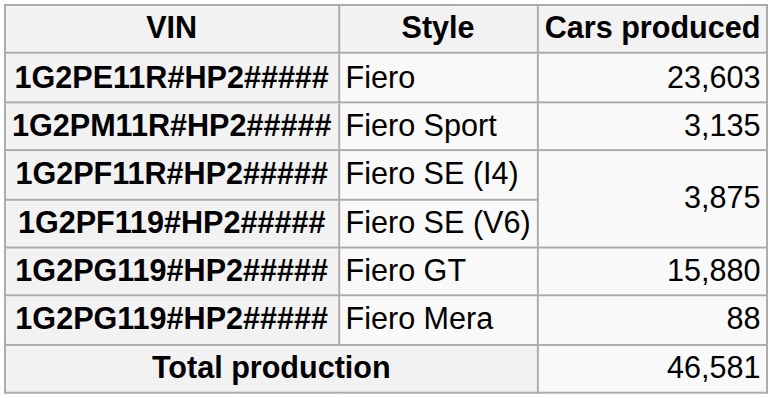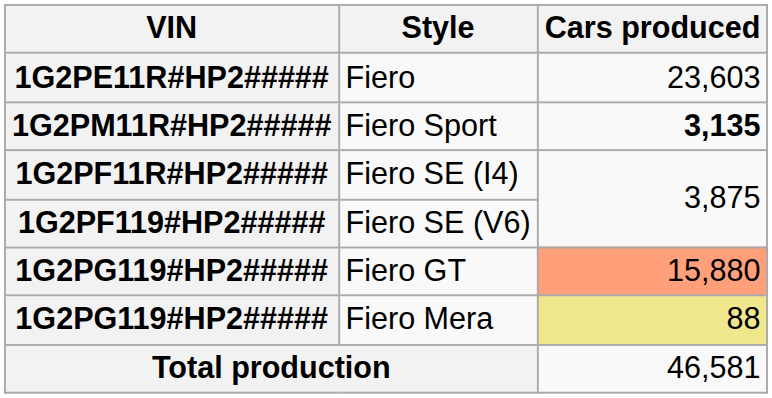 <table class="wikitable">
 <tr>
 <th scope="col">VIN</th>
 <th scope="col">Style</th>
 <th scope="col">Cars produced</th>
 </tr>
 <tr>
 <th scope="row">1G2PE11R#HP2#####</th>
 <td>Fiero</td>
 <td style="text-align:right;">23,603</td>
 </tr>
 <tr>
 <th scope="row">1G2PM11R#HP2#####</th>
 <td>Fiero Sport</td>
-<td style="text-align:right;">3,135</td>
+<td style="text-align:right;"><strong>3,135</strong></td>
 </tr>
 <tr>
 <th scope="row">1G2PF11R#HP2#####</th>
 <td>Fiero SE (I4)</td>
 <td style="text-align:right;" rowspan="2">3,875</td>
 </tr>
 <tr>
 <th scope="row">1G2PF119#HP2#####</th>
 <td>Fiero SE (V6)</td>
 </tr>
 <tr>
 <th scope="row">1G2PG119#HP2#####</th>
 <td>Fiero GT</td>
-<td style="text-align:right;">15,880</td>
+<td style="background: lightsalmon; text-align:right;">15,880</td>
 </tr>
 <tr>
 <th scope="row">1G2PG119#HP2#####</th>
 <td>Fiero Mera</td>
-<td style="text-align:right;">88</td>
+<td style="background: khaki; text-align:right;">88</td>
 </tr>
 <tr>
 <th scope="row" colspan="2">Total production</th>
 <td style="text-align:right;">46,581</td>
 </tr>
 </table>
